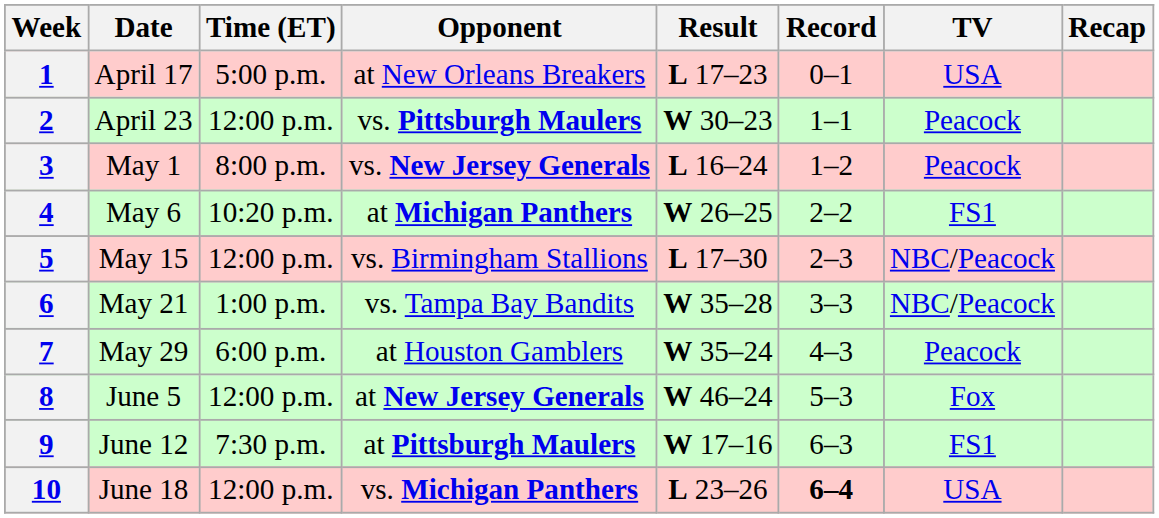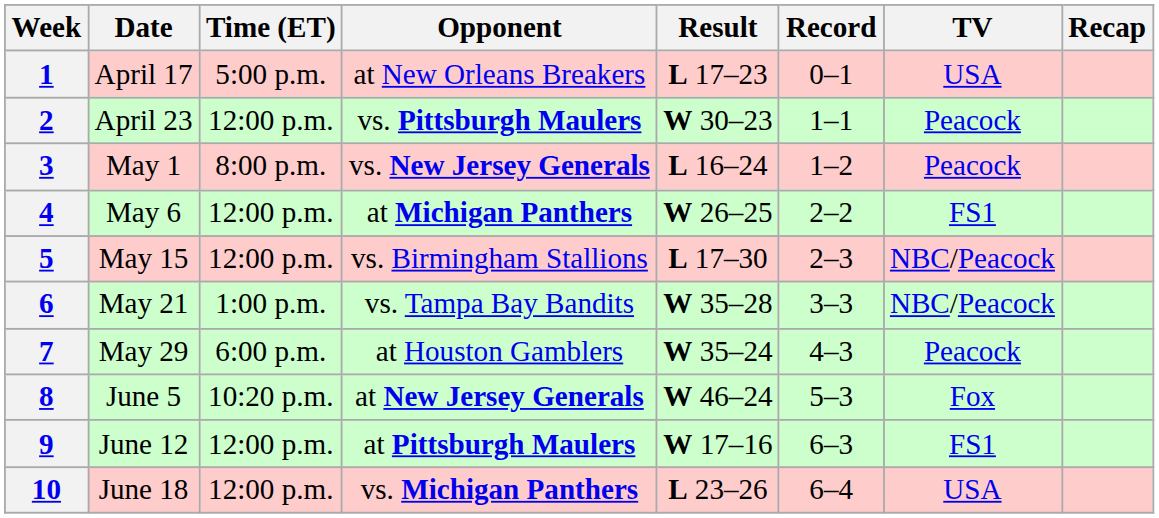 <table class="wikitable" style="text-align:center">
 <tr>
 <th>Week</th>
 <th>Date</th>
 <th>Time (ET)</th>
 <th>Opponent</th>
 <th>Result</th>
 <th>Record</th>
 <th>TV</th>
 <th>Recap</th>
 </tr>
 <tr style="background:#ffcccc">
 <th><a href='#'>1</a></th>
 <td>April 17</td>
 <td>5:00 p.m.</td>
 <td>at <a href='#'>New Orleans Breakers</a></td>
 <td><strong>L</strong> 17–23</td>
 <td>0–1</td>
 <td><a href='#'>USA</a></td>
 <td></td>
 </tr>
 <tr style="background:#ccffcc">
 <th><a href='#'>2</a></th>
 <td>April 23</td>
 <td>12:00 p.m.</td>
 <td>vs. <strong><a href='#'>Pittsburgh Maulers</a></strong></td>
 <td><strong>W</strong> 30–23</td>
 <td>1–1</td>
 <td><a href='#'>Peacock</a></td>
 <td></td>
 </tr>
 <tr style="background:#ffcccc">
 <th><a href='#'>3</a></th>
 <td>May 1</td>
 <td>8:00 p.m.</td>
 <td>vs. <strong><a href='#'>New Jersey Generals</a></strong></td>
 <td><strong>L</strong> 16–24</td>
 <td>1–2</td>
 <td><a href='#'>Peacock</a></td>
 <td></td>
 </tr>
 <tr style="background:#ccffcc">
 <th><a href='#'>4</a></th>
 <td>May 6</td>
-<td>10:20 p.m.</td>
+<td>12:00 p.m.</td>
 <td>at <strong><a href='#'>Michigan Panthers</a></strong></td>
 <td><strong>W</strong> 26–25</td>
 <td>2–2</td>
 <td><a href='#'>FS1</a></td>
 <td></td>
 </tr>
 <tr style="background:#ffcccc">
 <th><a href='#'>5</a></th>
 <td>May 15</td>
 <td>12:00 p.m.</td>
 <td>vs. <a href='#'>Birmingham Stallions</a></td>
 <td><strong>L</strong> 17–30</td>
 <td>2–3</td>
 <td><a href='#'>NBC</a>/<a href='#'>Peacock</a></td>
 <td></td>
 </tr>
 <tr style="background:#ccffcc">
 <th><a href='#'>6</a></th>
 <td>May 21</td>
 <td>1:00 p.m.</td>
 <td>vs. <a href='#'>Tampa Bay Bandits</a></td>
 <td><strong>W</strong> 35–28</td>
 <td>3–3</td>
 <td><a href='#'>NBC</a>/<a href='#'>Peacock</a></td>
 <td></td>
 </tr>
 <tr style="background:#ccffcc">
 <th><a href='#'>7</a></th>
 <td>May 29</td>
 <td>6:00 p.m.</td>
 <td>at <a href='#'>Houston Gamblers</a></td>
 <td><strong>W</strong> 35–24</td>
 <td>4–3</td>
 <td><a href='#'>Peacock</a></td>
 <td></td>
 </tr>
 <tr style="background:#ccffcc">
 <th><a href='#'>8</a></th>
 <td>June 5</td>
-<td>12:00 p.m.</td>
+<td>10:20 p.m.</td>
 <td>at <strong><a href='#'>New Jersey Generals</a></strong></td>
 <td><strong>W</strong> 46–24</td>
 <td>5–3</td>
 <td><a href='#'>Fox</a></td>
 <td></td>
 </tr>
 <tr style="background:#ccffcc">
 <th><a href='#'>9</a></th>
 <td>June 12</td>
-<td>7:30 p.m.</td>
+<td>12:00 p.m.</td>
 <td>at <strong><a href='#'>Pittsburgh Maulers</a></strong></td>
 <td><strong>W</strong> 17–16</td>
 <td>6–3</td>
 <td><a href='#'>FS1</a></td>
 <td></td>
 </tr>
 <tr style="background:#ffcccc">
 <th><a href='#'>10</a></th>
 <td>June 18</td>
 <td>12:00 p.m.</td>
 <td>vs. <strong><a href='#'>Michigan Panthers</a></strong></td>
 <td><strong>L</strong> 23–26</td>
-<td><strong>6–4</strong></td>
+<td>6–4</td>
 <td><a href='#'>USA</a></td>
 <td></td>
 </tr>
 </table>
